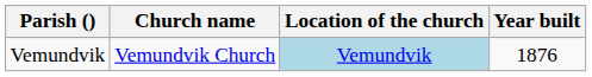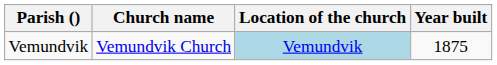 <table class="wikitable" style="text-align:center">
 <tr>
 <th>Parish ()</th>
 <th>Church name</th>
 <th>Location of the church</th>
 <th>Year built</th>
 </tr>
 <tr>
 <td>Vemundvik</td>
 <td><a href='#'>Vemundvik Church</a></td>
 <td style="background: lightblue;"><a href='#'>Vemundvik</a></td>
-<td>1876</td>
+<td>1875</td>
 </tr>
 </table>
